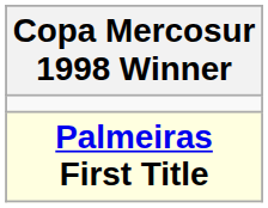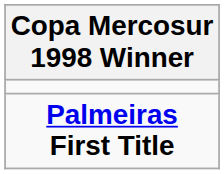 <table class="wikitable" style="text-align: center; margin: 0 auto;">
 <tr>
 <th>Copa Mercosur<br>1998 Winner</th>
 </tr>
 <tr>
 <td></td>
 </tr>
 <tr>
-<td style="background: lightyellow;"><strong><a href='#'>Palmeiras</a></strong><br><strong>First Title</strong></td>
+<td><strong><a href='#'>Palmeiras</a></strong><br><strong>First Title</strong></td>
 </tr>
 </table>
